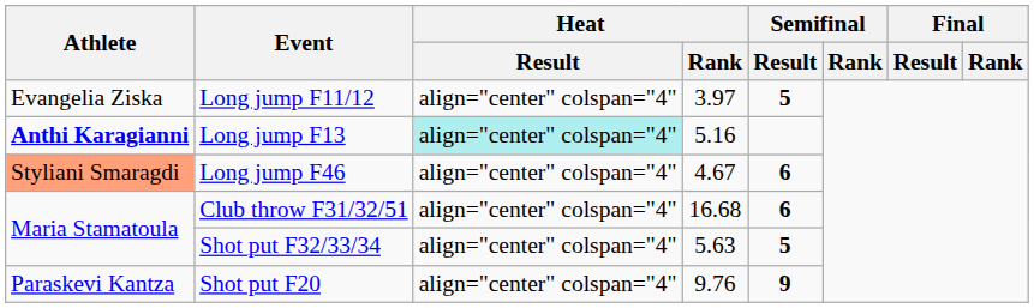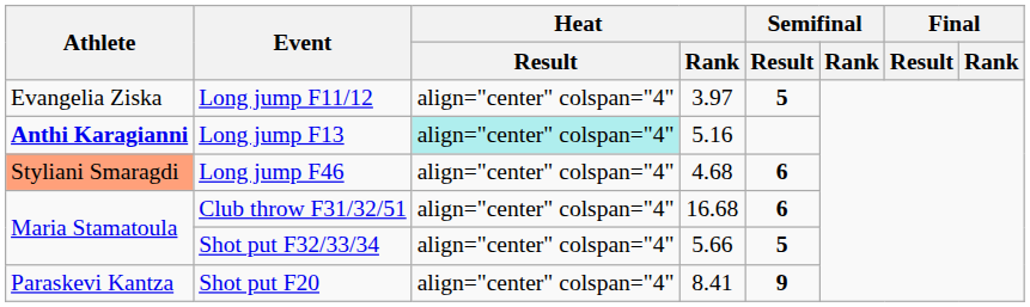 <table class="wikitable">
 <tr>
 <th rowspan="2">Athlete</th>
 <th rowspan="2">Event</th>
 <th colspan="2">Heat</th>
 <th colspan="2">Semifinal</th>
 <th colspan="2">Final</th>
 </tr>
 <tr>
 <th>Result</th>
 <th>Rank</th>
 <th>Result</th>
 <th>Rank</th>
 <th>Result</th>
 <th>Rank</th>
 </tr>
 <tr>
 <td>Evangelia Ziska</td>
 <td><a href='#'>Long jump F11/12</a></td>
 <td>align="center" colspan="4" </td>
 <td align="center">3.97</td>
 <td align="center"><strong>5</strong></td>
 </tr>
 <tr>
 <td><strong><a href='#'>Anthi Karagianni</a></strong></td>
 <td><a href='#'>Long jump F13</a></td>
 <td style="background: paleturquoise;">align="center" colspan="4" </td>
 <td align="center">5.16</td>
 <td align="center"></td>
 </tr>
 <tr>
 <td style="background: lightsalmon;">Styliani Smaragdi</td>
 <td><a href='#'>Long jump F46</a></td>
 <td>align="center" colspan="4" </td>
-<td align="center">4.67</td>
+<td align="center">4.68</td>
 <td align="center"><strong>6</strong></td>
 </tr>
 <tr>
 <td rowspan=2><a href='#'>Maria Stamatoula</a></td>
 <td><a href='#'>Club throw F31/32/51</a></td>
 <td>align="center" colspan="4" </td>
 <td align="center">16.68</td>
 <td align="center"><strong>6</strong></td>
 </tr>
 <tr>
 <td><a href='#'>Shot put F32/33/34</a></td>
 <td>align="center" colspan="4" </td>
-<td align="center">5.63</td>
+<td align="center">5.66</td>
 <td align="center"><strong>5</strong></td>
 </tr>
 <tr>
 <td><a href='#'>Paraskevi Kantza</a></td>
 <td><a href='#'>Shot put F20</a></td>
 <td>align="center" colspan="4" </td>
-<td align="center">9.76</td>
+<td align="center">8.41</td>
 <td align="center"><strong>9</strong></td>
 </tr>
 </table>
